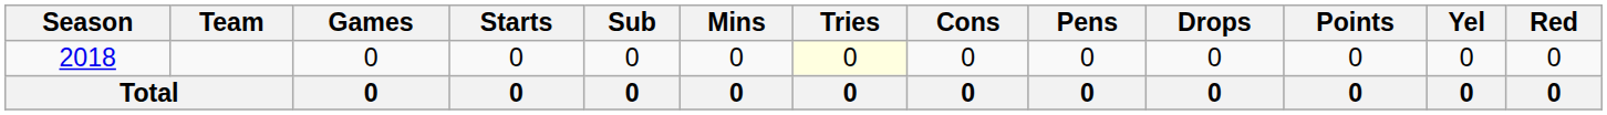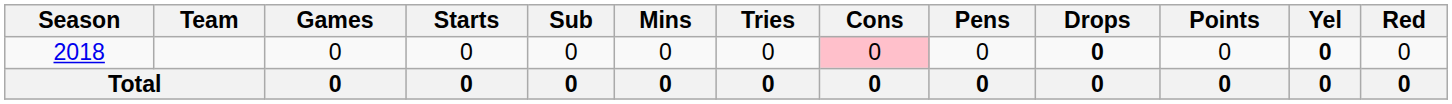 <table class="wikitable" style="text-align:center; line-height:90%; font-size:95%; width:60%;">
 <tr>
 <th>Season</th>
 <th>Team</th>
 <th>Games</th>
 <th>Starts</th>
 <th>Sub</th>
 <th>Mins</th>
 <th>Tries</th>
 <th>Cons</th>
 <th>Pens</th>
 <th>Drops</th>
 <th>Points</th>
 <th>Yel</th>
 <th>Red</th>
 </tr>
 <tr>
 <td><a href='#'>2018</a></td>
 <td></td>
 <td>0</td>
 <td>0</td>
 <td>0</td>
 <td>0</td>
-<td style="background: lightyellow;">0</td>
 <td>0</td>
+<td style="background: pink;">0</td>
 <td>0</td>
+<td><strong>0</strong></td>
 <td>0</td>
-<td>0</td>
-<td>0</td>
+<td><strong>0</strong></td>
 <td>0</td>
 </tr>
 <tr>
 <th colspan="2">Total</th>
 <th>0</th>
 <th>0</th>
 <th>0</th>
 <th>0</th>
 <th>0</th>
 <th>0</th>
 <th>0</th>
 <th>0</th>
 <th>0</th>
 <th>0</th>
 <th>0</th>
 </tr>
 </table>
